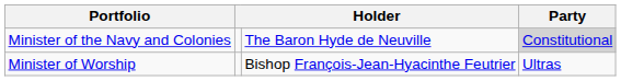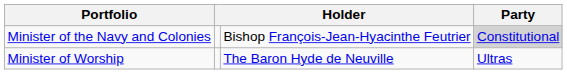 <table class="wikitable">
 <tr>
 <th>Portfolio</th>
 <th colspan=2>Holder</th>
 <th>Party</th>
 </tr>
 <tr>
 <td><a href='#'>Minister of the Navy and Colonies</a></td>
 <td style="background:"></td>
-<td><a href='#'>The Baron Hyde de Neuville</a></td>
+<td>Bishop <a href='#'>François-Jean-Hyacinthe Feutrier</a></td>
 <td style="background: lightgrey;"><a href='#'>Constitutional</a></td>
 </tr>
 <tr>
 <td><a href='#'>Minister of Worship</a></td>
 <td style="background:"></td>
-<td>Bishop <a href='#'>François-Jean-Hyacinthe Feutrier</a></td>
+<td><a href='#'>The Baron Hyde de Neuville</a></td>
 <td><a href='#'>Ultras</a></td>
 </tr>
 </table>
